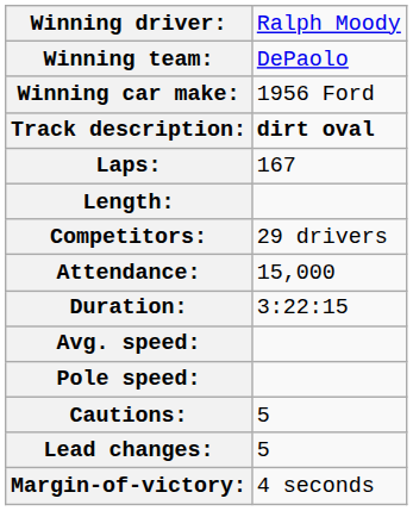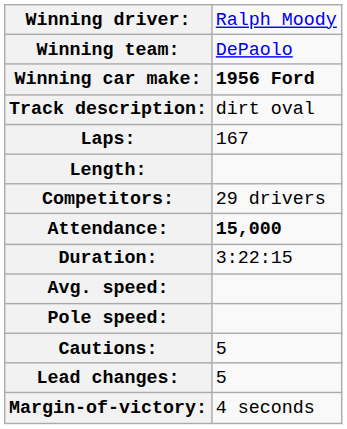 <table class="wikitable" style=text-align:left>
 <tr>
 <th>Winning driver:</th>
 <td><a href='#'>Ralph Moody</a></td>
 </tr>
 <tr>
 <th>Winning team:</th>
 <td><a href='#'>DePaolo</a></td>
 </tr>
 <tr>
 <th>Winning car make:</th>
-<td>1956 Ford</td>
+<td><strong>1956 Ford</strong></td>
 </tr>
 <tr>
 <th>Track description:</th>
-<td><strong> dirt oval</strong></td>
+<td> dirt oval</td>
 </tr>
 <tr>
 <th>Laps:</th>
 <td>167</td>
 </tr>
 <tr>
 <th>Length:</th>
 <td></td>
 </tr>
 <tr>
 <th>Competitors:</th>
 <td>29 drivers</td>
 </tr>
 <tr>
 <th>Attendance:</th>
-<td>15,000</td>
+<td><strong>15,000</strong></td>
 </tr>
 <tr>
 <th>Duration:</th>
 <td>3:22:15</td>
 </tr>
 <tr>
 <th>Avg. speed:</th>
 <td></td>
 </tr>
 <tr>
 <th>Pole speed:</th>
 <td></td>
 </tr>
 <tr>
 <th>Cautions:</th>
 <td>5</td>
 </tr>
 <tr>
 <th>Lead changes:</th>
 <td>5</td>
 </tr>
 <tr>
 <th>Margin-of-victory:</th>
 <td>4 seconds</td>
 </tr>
 </table>
